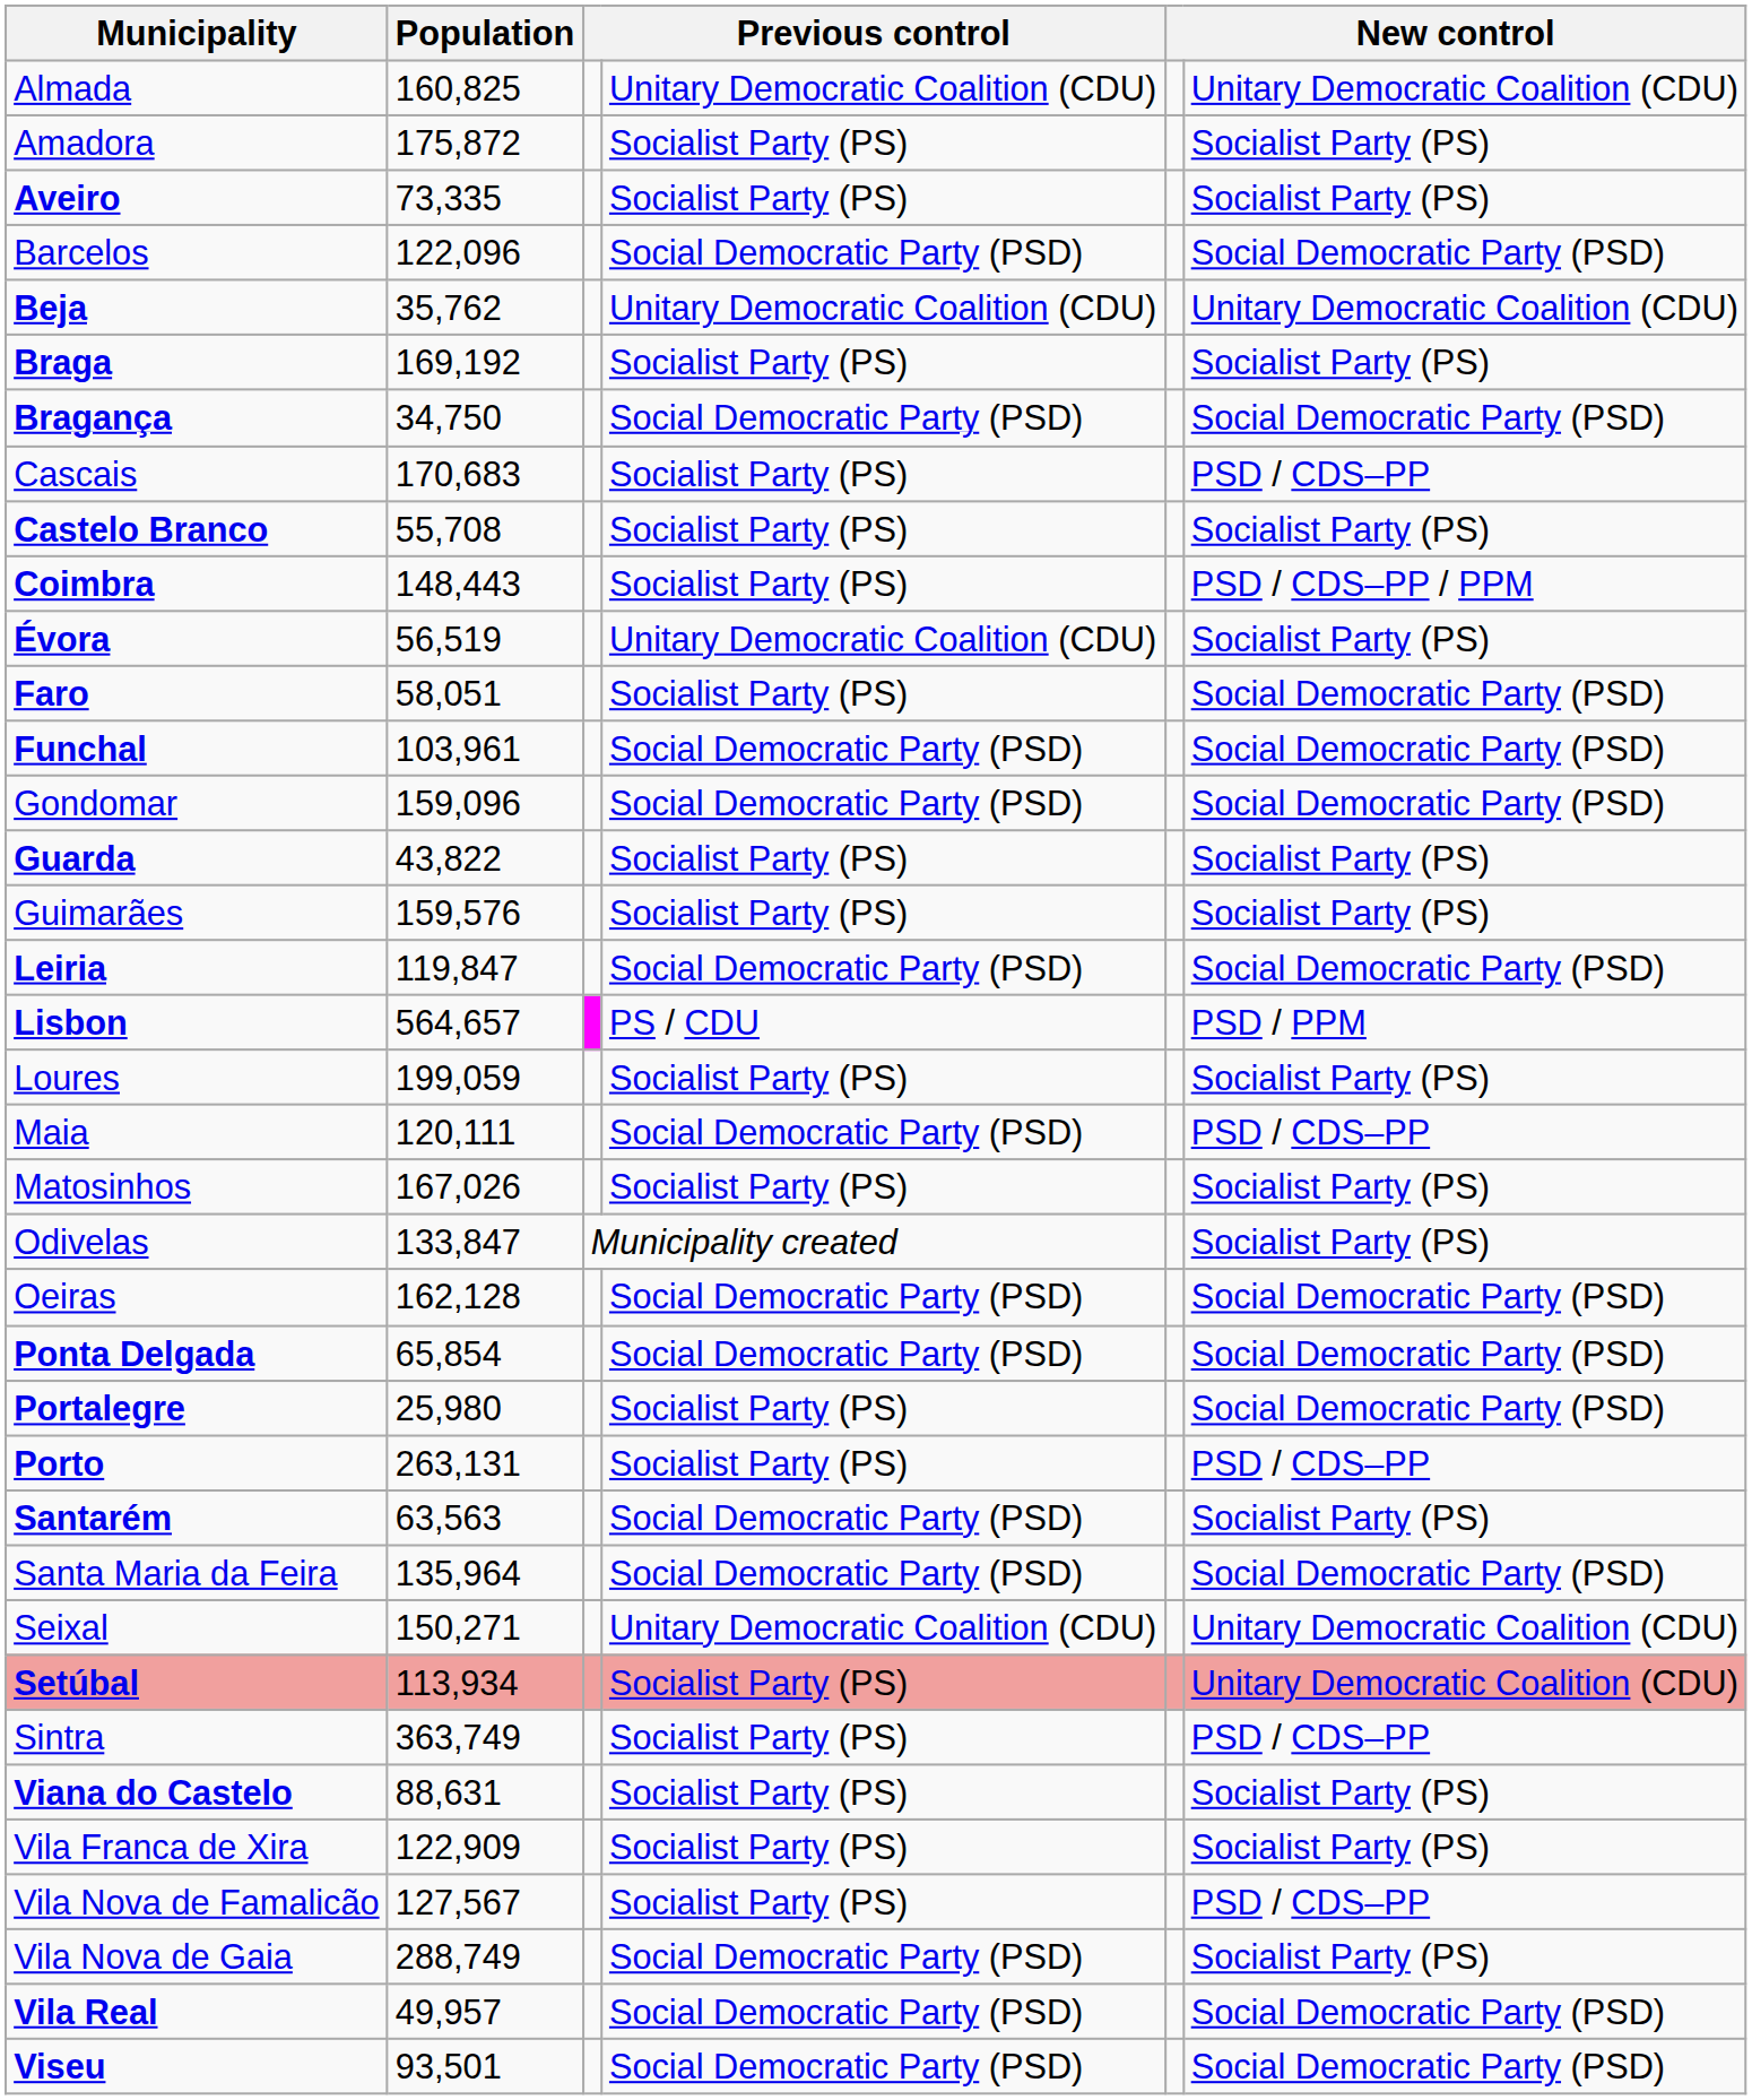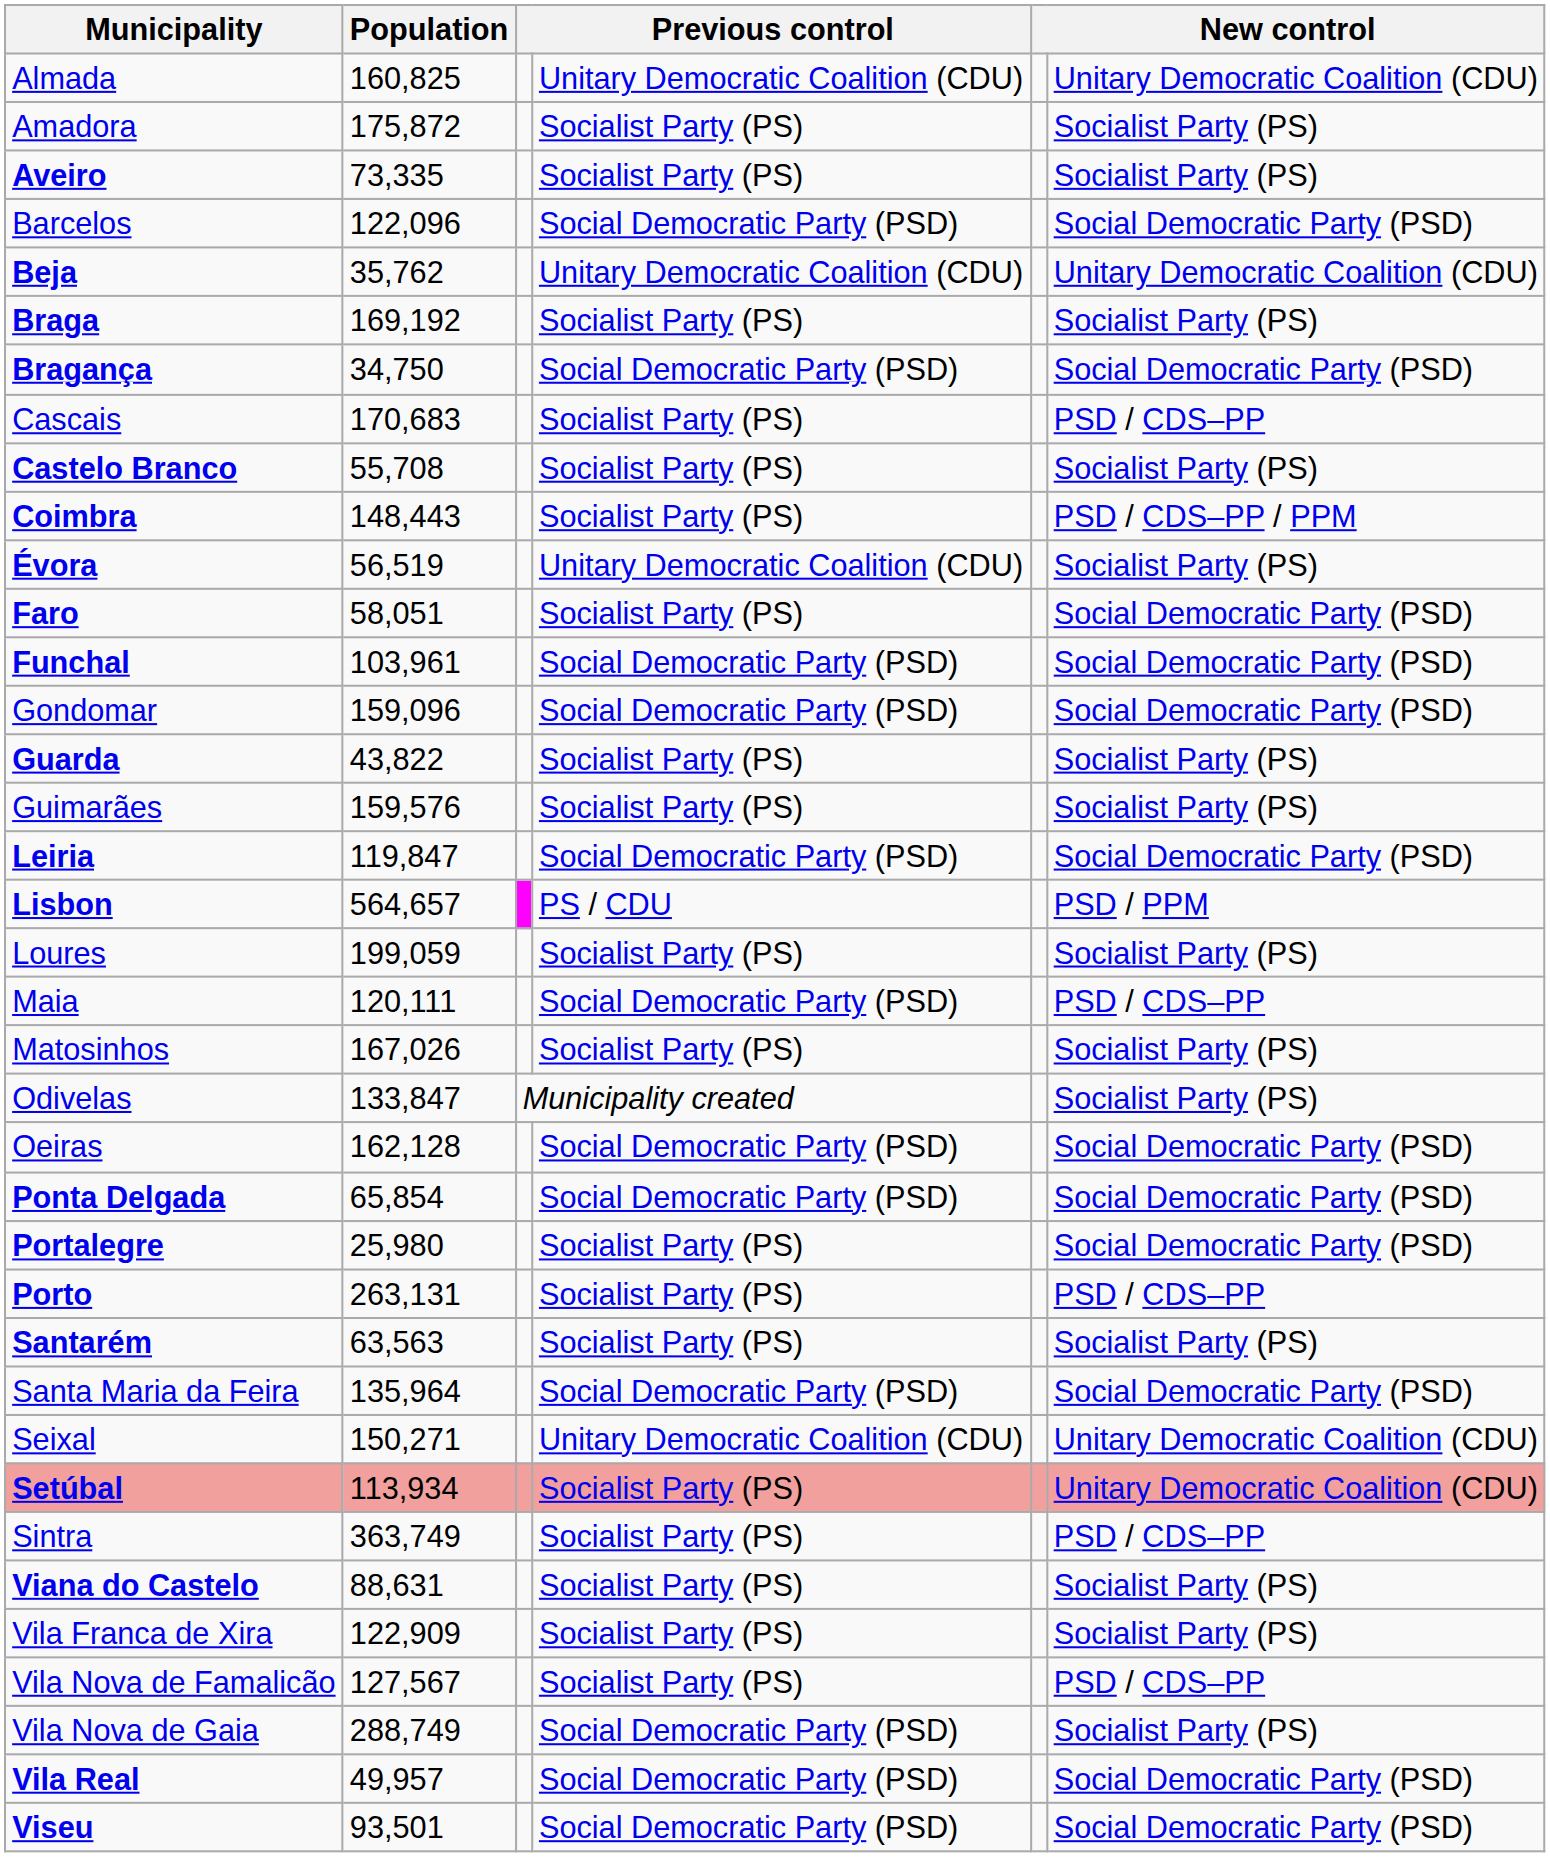 <table class="wikitable sortable" style="font-size:95%;">
 <tr>
 <th>Municipality</th>
 <th>Population</th>
 <th colspan="2" style="width:200px;">Previous control</th>
 <th colspan="2" style="width:200px;">New control</th>
 </tr>
 <tr>
 <td><a href='#'>Almada</a></td>
 <td>160,825</td>
 <td width="1" style="color:inherit;background:"></td>
 <td><a href='#'>Unitary Democratic Coalition</a> (CDU)</td>
 <td width="1" style="color:inherit;background:"></td>
 <td><a href='#'>Unitary Democratic Coalition</a> (CDU)</td>
 </tr>
 <tr>
 <td><a href='#'>Amadora</a></td>
 <td>175,872</td>
 <td width="1" style="color:inherit;background:"></td>
 <td><a href='#'>Socialist Party</a> (PS)</td>
 <td width="1" style="color:inherit;background:"></td>
 <td><a href='#'>Socialist Party</a> (PS)</td>
 </tr>
 <tr>
 <td><a href='#'><strong>Aveiro</strong></a></td>
 <td>73,335</td>
 <td width="1" style="color:inherit;background:"></td>
 <td><a href='#'>Socialist Party</a> (PS)</td>
 <td width="1" style="color:inherit;background:"></td>
 <td><a href='#'>Socialist Party</a> (PS)</td>
 </tr>
 <tr>
 <td><a href='#'>Barcelos</a></td>
 <td>122,096</td>
 <td width="1" style="color:inherit;background:"></td>
 <td><a href='#'>Social Democratic Party</a> (PSD)</td>
 <td width="1" style="color:inherit;background:"></td>
 <td><a href='#'>Social Democratic Party</a> (PSD)</td>
 </tr>
 <tr>
 <td><a href='#'><strong>Beja</strong></a></td>
 <td>35,762</td>
 <td width="1" style="color:inherit;background:"></td>
 <td><a href='#'>Unitary Democratic Coalition</a> (CDU)</td>
 <td width="1" style="color:inherit;background:"></td>
 <td><a href='#'>Unitary Democratic Coalition</a> (CDU)</td>
 </tr>
 <tr>
 <td><strong><a href='#'>Braga</a></strong></td>
 <td>169,192</td>
 <td width="1" style="color:inherit;background:"></td>
 <td><a href='#'>Socialist Party</a> (PS)</td>
 <td width="1" style="color:inherit;background:"></td>
 <td><a href='#'>Socialist Party</a> (PS)</td>
 </tr>
 <tr>
 <td><a href='#'><strong>Bragança</strong></a></td>
 <td>34,750</td>
 <td width="1" style="color:inherit;background:"></td>
 <td><a href='#'>Social Democratic Party</a> (PSD)</td>
 <td width="1" style="color:inherit;background:"></td>
 <td><a href='#'>Social Democratic Party</a> (PSD)</td>
 </tr>
 <tr>
 <td><a href='#'>Cascais</a></td>
 <td>170,683</td>
 <td width="1" style="color:inherit;background:"></td>
 <td><a href='#'>Socialist Party</a> (PS)</td>
 <td width="1" style="color:inherit;background:"></td>
 <td><a href='#'>PSD</a> / <a href='#'>CDS–PP</a></td>
 </tr>
 <tr>
 <td><a href='#'><strong>Castelo Branco</strong></a></td>
 <td>55,708</td>
 <td width="1" style="color:inherit;background:"></td>
 <td><a href='#'>Socialist Party</a> (PS)</td>
 <td width="1" style="color:inherit;background:"></td>
 <td><a href='#'>Socialist Party</a> (PS)</td>
 </tr>
 <tr>
 <td><strong><a href='#'>Coimbra</a></strong></td>
 <td>148,443</td>
 <td width="1" style="color:inherit;background:"></td>
 <td><a href='#'>Socialist Party</a> (PS)</td>
 <td width="1" style="color:inherit;background:"></td>
 <td><a href='#'>PSD</a> / <a href='#'>CDS–PP</a> / <a href='#'>PPM</a></td>
 </tr>
 <tr>
 <td><strong><a href='#'>Évora</a></strong></td>
 <td>56,519</td>
 <td width="1" style="color:inherit;background:"></td>
 <td><a href='#'>Unitary Democratic Coalition</a> (CDU)</td>
 <td width="1" style="color:inherit;background:"></td>
 <td><a href='#'>Socialist Party</a> (PS)</td>
 </tr>
 <tr>
 <td><a href='#'><strong>Faro</strong></a></td>
 <td>58,051</td>
 <td width="1" style="color:inherit;background:"></td>
 <td><a href='#'>Socialist Party</a> (PS)</td>
 <td width="1" style="color:inherit;background:"></td>
 <td><a href='#'>Social Democratic Party</a> (PSD)</td>
 </tr>
 <tr>
 <td><strong><a href='#'>Funchal</a></strong></td>
 <td>103,961</td>
 <td width="1" style="color:inherit;background:"></td>
 <td><a href='#'>Social Democratic Party</a> (PSD)</td>
 <td width="1" style="color:inherit;background:"></td>
 <td><a href='#'>Social Democratic Party</a> (PSD)</td>
 </tr>
 <tr>
 <td><a href='#'>Gondomar</a></td>
 <td>159,096</td>
 <td width="1" style="color:inherit;background:"></td>
 <td><a href='#'>Social Democratic Party</a> (PSD)</td>
 <td width="1" style="color:inherit;background:"></td>
 <td><a href='#'>Social Democratic Party</a> (PSD)</td>
 </tr>
 <tr>
 <td><a href='#'><strong>Guarda</strong></a></td>
 <td>43,822</td>
 <td width="1" style="color:inherit;background:"></td>
 <td><a href='#'>Socialist Party</a> (PS)</td>
 <td width="1" style="color:inherit;background:"></td>
 <td><a href='#'>Socialist Party</a> (PS)</td>
 </tr>
 <tr>
 <td><a href='#'>Guimarães</a></td>
 <td>159,576</td>
 <td width="1" style="color:inherit;background:"></td>
 <td><a href='#'>Socialist Party</a> (PS)</td>
 <td width="1" style="color:inherit;background:"></td>
 <td><a href='#'>Socialist Party</a> (PS)</td>
 </tr>
 <tr>
 <td><strong><a href='#'>Leiria</a></strong></td>
 <td>119,847</td>
 <td width="1" style="color:inherit;background:"></td>
 <td><a href='#'>Social Democratic Party</a> (PSD)</td>
 <td width="1" style="color:inherit;background:"></td>
 <td><a href='#'>Social Democratic Party</a> (PSD)</td>
 </tr>
 <tr>
 <td><strong><a href='#'>Lisbon</a></strong></td>
 <td>564,657</td>
 <td width="1" bgcolor="magenta"></td>
 <td><a href='#'>PS</a> / <a href='#'>CDU</a></td>
 <td width="1" style="color:inherit;background:"></td>
 <td><a href='#'>PSD</a> / <a href='#'>PPM</a></td>
 </tr>
 <tr>
 <td><a href='#'>Loures</a></td>
 <td>199,059</td>
 <td width="1" style="color:inherit;background:"></td>
 <td><a href='#'>Socialist Party</a> (PS)</td>
 <td width="1" style="color:inherit;background:"></td>
 <td><a href='#'>Socialist Party</a> (PS)</td>
 </tr>
 <tr>
 <td><a href='#'>Maia</a></td>
 <td>120,111</td>
 <td width="1" style="color:inherit;background:"></td>
 <td><a href='#'>Social Democratic Party</a> (PSD)</td>
 <td width="1" style="color:inherit;background:"></td>
 <td><a href='#'>PSD</a> / <a href='#'>CDS–PP</a></td>
 </tr>
 <tr>
 <td><a href='#'>Matosinhos</a></td>
 <td>167,026</td>
 <td width="1" style="color:inherit;background:"></td>
 <td><a href='#'>Socialist Party</a> (PS)</td>
 <td width="1" style="color:inherit;background:"></td>
 <td><a href='#'>Socialist Party</a> (PS)</td>
 </tr>
 <tr>
 <td><a href='#'>Odivelas</a></td>
 <td>133,847</td>
 <td colspan="2"><em>Municipality created</em></td>
 <td width="1" style="color:inherit;background:"></td>
 <td><a href='#'>Socialist Party</a> (PS)</td>
 </tr>
 <tr>
 <td><a href='#'>Oeiras</a></td>
 <td>162,128</td>
 <td width="1" style="color:inherit;background:"></td>
 <td><a href='#'>Social Democratic Party</a> (PSD)</td>
 <td width="1" style="color:inherit;background:"></td>
 <td><a href='#'>Social Democratic Party</a> (PSD)</td>
 </tr>
 <tr>
 <td><strong><a href='#'>Ponta Delgada</a></strong></td>
 <td>65,854</td>
 <td width="1" style="color:inherit;background:"></td>
 <td><a href='#'>Social Democratic Party</a> (PSD)</td>
 <td width="1" style="color:inherit;background:"></td>
 <td><a href='#'>Social Democratic Party</a> (PSD)</td>
 </tr>
 <tr>
 <td><a href='#'><strong>Portalegre</strong></a></td>
 <td>25,980</td>
 <td width="1" style="color:inherit;background:"></td>
 <td><a href='#'>Socialist Party</a> (PS)</td>
 <td width="1" style="color:inherit;background:"></td>
 <td><a href='#'>Social Democratic Party</a> (PSD)</td>
 </tr>
 <tr>
 <td><strong><a href='#'>Porto</a></strong></td>
 <td>263,131</td>
 <td width="1" style="color:inherit;background:"></td>
 <td><a href='#'>Socialist Party</a> (PS)</td>
 <td width="1" style="color:inherit;background:"></td>
 <td><a href='#'>PSD</a> / <a href='#'>CDS–PP</a></td>
 </tr>
 <tr>
 <td><a href='#'><strong>Santarém</strong></a></td>
 <td>63,563</td>
 <td width="1" style="color:inherit;background:"></td>
-<td><a href='#'>Social Democratic Party</a> (PSD)</td>
+<td><a href='#'>Socialist Party</a> (PS)</td>
 <td width="1" style="color:inherit;background:"></td>
 <td><a href='#'>Socialist Party</a> (PS)</td>
 </tr>
 <tr>
 <td><a href='#'>Santa Maria da Feira</a></td>
 <td>135,964</td>
 <td width="1" style="color:inherit;background:"></td>
 <td><a href='#'>Social Democratic Party</a> (PSD)</td>
 <td width="1" style="color:inherit;background:"></td>
 <td><a href='#'>Social Democratic Party</a> (PSD)</td>
 </tr>
 <tr>
 <td><a href='#'>Seixal</a></td>
 <td>150,271</td>
 <td width="1" style="color:inherit;background:"></td>
 <td><a href='#'>Unitary Democratic Coalition</a> (CDU)</td>
 <td width="1" style="color:inherit;background:"></td>
 <td><a href='#'>Unitary Democratic Coalition</a> (CDU)</td>
 </tr>
 <tr style="background-color:#F1A09E">
 <td><strong><a href='#'>Setúbal</a></strong></td>
 <td>113,934</td>
 <td width="1" style="color:inherit;background:"></td>
 <td><a href='#'>Socialist Party</a> (PS)</td>
 <td width="1" style="color:inherit;background:"></td>
 <td><a href='#'>Unitary Democratic Coalition</a> (CDU)</td>
 </tr>
 <tr>
 <td><a href='#'>Sintra</a></td>
 <td>363,749</td>
 <td width="1" style="color:inherit;background:"></td>
 <td><a href='#'>Socialist Party</a> (PS)</td>
 <td width="1" style="color:inherit;background:"></td>
 <td><a href='#'>PSD</a> / <a href='#'>CDS–PP</a></td>
 </tr>
 <tr>
 <td><strong><a href='#'>Viana do Castelo</a></strong></td>
 <td>88,631</td>
 <td width="1" style="color:inherit;background:"></td>
 <td><a href='#'>Socialist Party</a> (PS)</td>
 <td width="1" style="color:inherit;background:"></td>
 <td><a href='#'>Socialist Party</a> (PS)</td>
 </tr>
 <tr>
 <td><a href='#'>Vila Franca de Xira</a></td>
 <td>122,909</td>
 <td width="1" style="color:inherit;background:"></td>
 <td><a href='#'>Socialist Party</a> (PS)</td>
 <td width="1" style="color:inherit;background:"></td>
 <td><a href='#'>Socialist Party</a> (PS)</td>
 </tr>
 <tr>
 <td><a href='#'>Vila Nova de Famalicão</a></td>
 <td>127,567</td>
 <td width="1" style="color:inherit;background:"></td>
 <td><a href='#'>Socialist Party</a> (PS)</td>
 <td width="1" style="color:inherit;background:"></td>
 <td><a href='#'>PSD</a> / <a href='#'>CDS–PP</a></td>
 </tr>
 <tr>
 <td><a href='#'>Vila Nova de Gaia</a></td>
 <td>288,749</td>
 <td width="1" style="color:inherit;background:"></td>
 <td><a href='#'>Social Democratic Party</a> (PSD)</td>
 <td width="1" style="color:inherit;background:"></td>
 <td><a href='#'>Socialist Party</a> (PS)</td>
 </tr>
 <tr>
 <td><strong><a href='#'>Vila Real</a></strong></td>
 <td>49,957</td>
 <td width="1" style="color:inherit;background:"></td>
 <td><a href='#'>Social Democratic Party</a> (PSD)</td>
 <td width="1" style="color:inherit;background:"></td>
 <td><a href='#'>Social Democratic Party</a> (PSD)</td>
 </tr>
 <tr>
 <td><strong><a href='#'>Viseu</a></strong></td>
 <td>93,501</td>
 <td width="1" style="color:inherit;background:"></td>
 <td><a href='#'>Social Democratic Party</a> (PSD)</td>
 <td width="1" style="color:inherit;background:"></td>
 <td><a href='#'>Social Democratic Party</a> (PSD)</td>
 </tr>
 </table>
